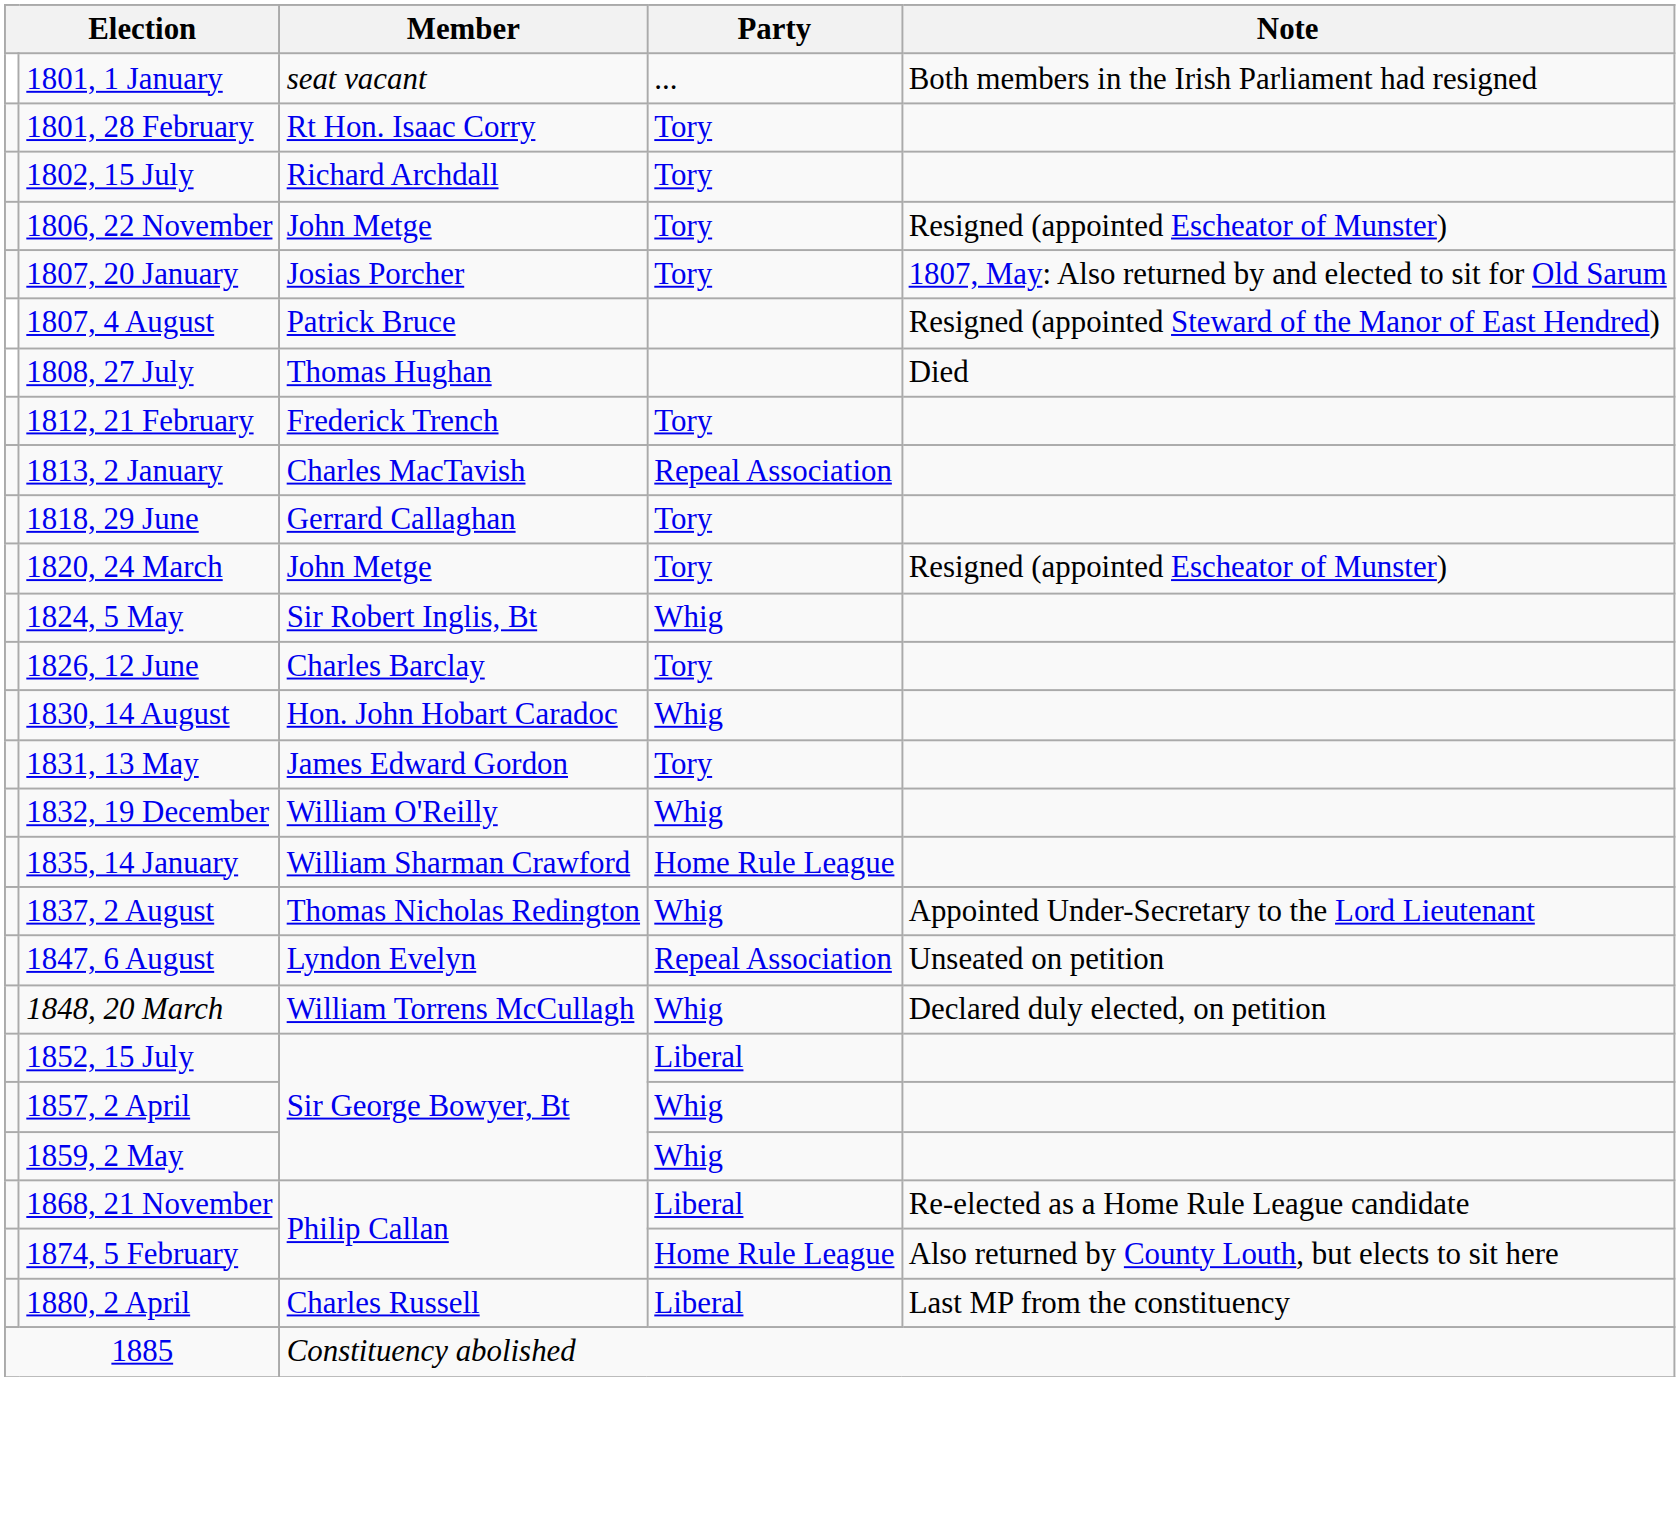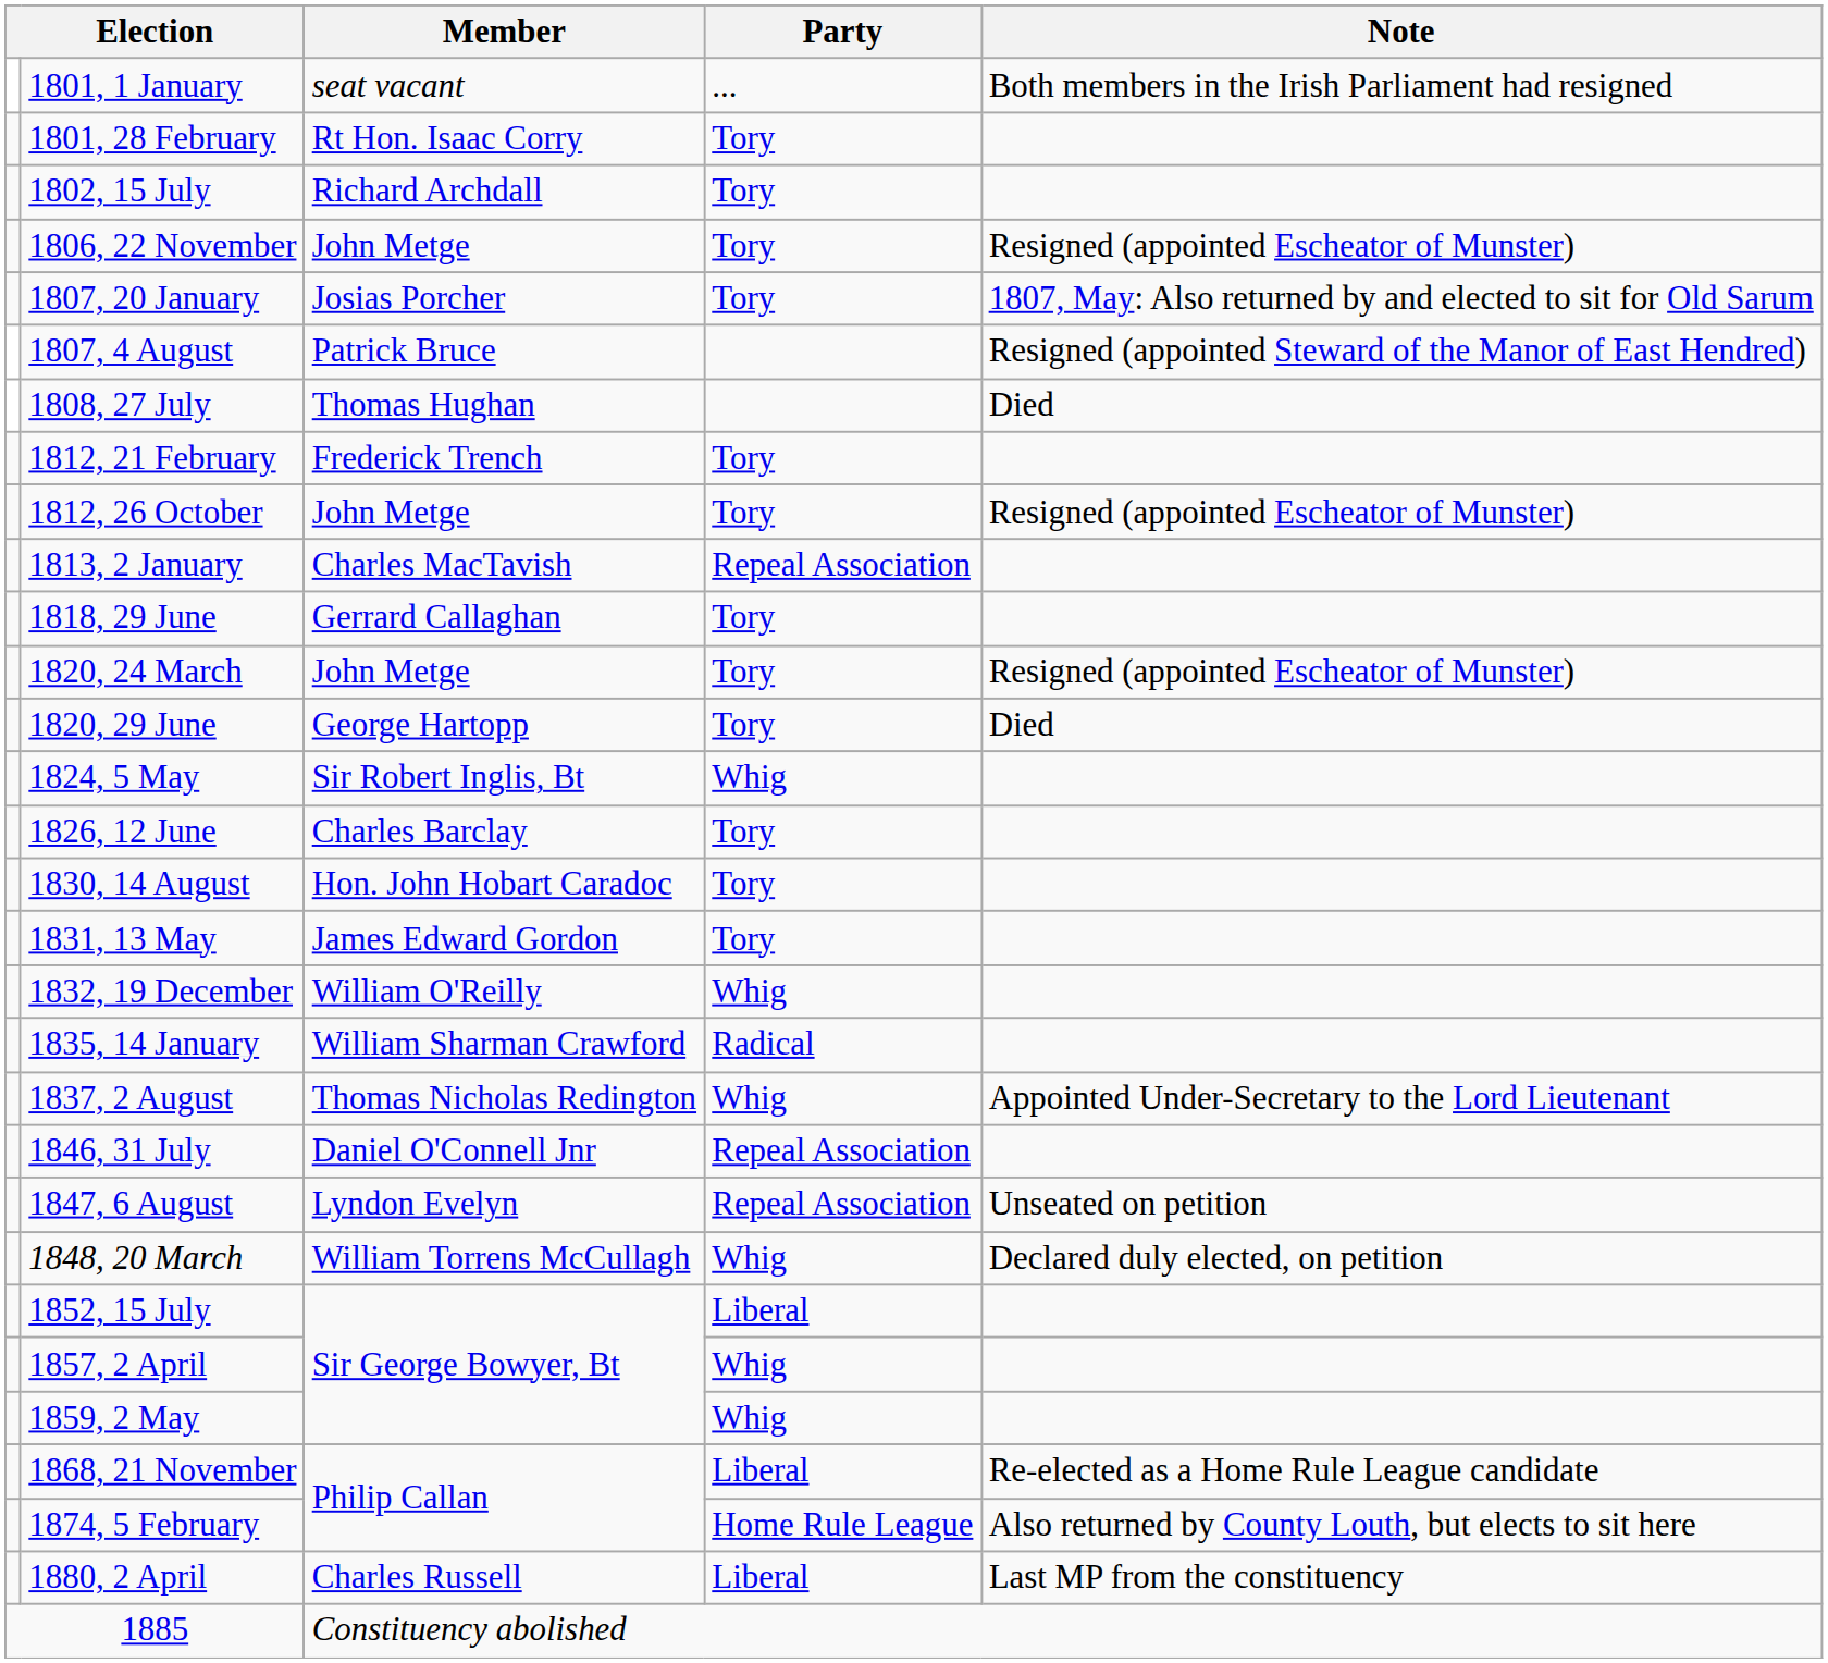 <table class="wikitable">
 <tr>
 <th colspan="2">Election</th>
 <th>Member</th>
 <th>Party</th>
 <th>Note</th>
 </tr>
 <tr>
 <td style="color:inherit;background-color: white"></td>
 <td><a href='#'>1801, 1 January</a></td>
 <td><em>seat vacant</em></td>
 <td>...</td>
 <td>Both members in the Irish Parliament had resigned</td>
 </tr>
 <tr>
 <td style="color:inherit;background-color: "></td>
 <td><a href='#'>1801, 28 February</a></td>
 <td><a href='#'>Rt Hon. Isaac Corry</a></td>
 <td><a href='#'>Tory</a></td>
 <td></td>
 </tr>
 <tr>
 <td style="color:inherit;background-color: "></td>
 <td><a href='#'>1802, 15 July</a></td>
 <td><a href='#'>Richard Archdall</a></td>
 <td><a href='#'>Tory</a></td>
 <td></td>
 </tr>
 <tr>
 <td style="color:inherit;background-color: "></td>
 <td><a href='#'>1806, 22 November</a></td>
 <td><a href='#'>John Metge</a></td>
 <td><a href='#'>Tory</a></td>
 <td>Resigned (appointed <a href='#'>Escheator of Munster</a>)</td>
 </tr>
 <tr>
 <td style="color:inherit;background-color: "></td>
 <td><a href='#'>1807, 20 January</a></td>
 <td><a href='#'>Josias Porcher</a></td>
 <td><a href='#'>Tory</a></td>
 <td><a href='#'>1807, May</a>: Also returned by and elected to sit for <a href='#'>Old Sarum</a></td>
 </tr>
 <tr>
 <td style="color:inherit;background-color: white"></td>
 <td><a href='#'>1807, 4 August</a></td>
 <td><a href='#'>Patrick Bruce</a></td>
 <td></td>
 <td>Resigned (appointed <a href='#'>Steward of the Manor of East Hendred</a>)</td>
 </tr>
 <tr>
 <td style="color:inherit;background-color: white"></td>
 <td><a href='#'>1808, 27 July</a></td>
 <td><a href='#'>Thomas Hughan</a></td>
 <td></td>
 <td>Died</td>
 </tr>
 <tr>
 <td style="color:inherit;background-color: "></td>
 <td><a href='#'>1812, 21 February</a></td>
 <td><a href='#'>Frederick Trench</a></td>
 <td><a href='#'>Tory</a></td>
 <td></td>
 </tr>
 <tr>
 <td style="color:inherit;background-color: "></td>
+<td><a href='#'>1812, 26 October</a></td>
+<td><a href='#'>John Metge</a></td>
+<td><a href='#'>Tory</a></td>
+<td>Resigned (appointed <a href='#'>Escheator of Munster</a>)</td>
+</tr>
+<tr>
+<td style="color:inherit;background-color: "></td>
 <td><a href='#'>1813, 2 January</a></td>
 <td><a href='#'>Charles MacTavish</a></td>
 <td><a href='#'>Repeal Association</a></td>
 <td></td>
 </tr>
 <tr>
 <td style="color:inherit;background-color: "></td>
 <td><a href='#'>1818, 29 June</a></td>
 <td><a href='#'>Gerrard Callaghan</a></td>
 <td><a href='#'>Tory</a></td>
 <td></td>
 </tr>
 <tr>
 <td style="color:inherit;background-color: "></td>
 <td><a href='#'>1820, 24 March</a></td>
 <td><a href='#'>John Metge</a></td>
 <td><a href='#'>Tory</a></td>
 <td>Resigned (appointed <a href='#'>Escheator of Munster</a>)</td>
 </tr>
 <tr>
 <td style="color:inherit;background-color: "></td>
+<td><a href='#'>1820, 29 June</a></td>
+<td><a href='#'>George Hartopp</a></td>
+<td><a href='#'>Tory</a></td>
+<td>Died</td>
+</tr>
+<tr>
+<td style="color:inherit;background-color: "></td>
 <td><a href='#'>1824, 5 May</a></td>
 <td><a href='#'>Sir Robert Inglis, Bt</a></td>
 <td><a href='#'>Whig</a></td>
 <td></td>
 </tr>
 <tr>
 <td style="color:inherit;background-color: "></td>
 <td><a href='#'>1826, 12 June</a></td>
 <td><a href='#'>Charles Barclay</a></td>
 <td><a href='#'>Tory</a></td>
 <td></td>
 </tr>
 <tr>
 <td style="color:inherit;background-color: "></td>
 <td><a href='#'>1830, 14 August</a></td>
 <td><a href='#'>Hon. John Hobart Caradoc</a></td>
-<td><a href='#'>Whig</a></td>
+<td><a href='#'>Tory</a></td>
 <td></td>
 </tr>
 <tr>
 <td style="color:inherit;background-color: "></td>
 <td><a href='#'>1831, 13 May</a></td>
 <td><a href='#'>James Edward Gordon</a></td>
 <td><a href='#'>Tory</a></td>
 <td></td>
 </tr>
 <tr>
 <td style="color:inherit;background-color: "></td>
 <td><a href='#'>1832, 19 December</a></td>
 <td><a href='#'>William O'Reilly</a></td>
 <td><a href='#'>Whig</a></td>
 <td></td>
 </tr>
 <tr>
 <td style="color:inherit;background-color: "></td>
 <td><a href='#'>1835, 14 January</a></td>
 <td><a href='#'>William Sharman Crawford</a></td>
-<td><a href='#'>Home Rule League</a></td>
+<td><a href='#'>Radical</a></td>
 <td></td>
 </tr>
 <tr>
 <td style="color:inherit;background-color: "></td>
 <td><a href='#'>1837, 2 August</a></td>
 <td><a href='#'>Thomas Nicholas Redington</a></td>
 <td><a href='#'>Whig</a></td>
 <td>Appointed Under-Secretary to the <a href='#'>Lord Lieutenant</a></td>
+</tr>
+<tr>
+<td style="color:inherit;background-color: "></td>
+<td><a href='#'>1846, 31 July</a></td>
+<td><a href='#'>Daniel O'Connell Jnr</a></td>
+<td><a href='#'>Repeal Association</a></td>
+<td></td>
 </tr>
 <tr>
 <td style="color:inherit;background-color: "></td>
 <td><a href='#'>1847, 6 August</a></td>
 <td><a href='#'>Lyndon Evelyn</a></td>
 <td><a href='#'>Repeal Association</a></td>
 <td>Unseated on petition</td>
 </tr>
 <tr>
 <td style="color:inherit;background-color: "></td>
 <td><em>1848, 20 March</em></td>
 <td><a href='#'>William Torrens McCullagh</a></td>
 <td><a href='#'>Whig</a></td>
 <td>Declared duly elected, on petition</td>
 </tr>
 <tr>
 <td style="color:inherit;background-color: "></td>
 <td><a href='#'>1852, 15 July</a></td>
 <td rowspan="3"><a href='#'>Sir George Bowyer, Bt</a></td>
 <td><a href='#'>Liberal</a></td>
 <td></td>
 </tr>
 <tr>
 <td style="color:inherit;background-color: "></td>
 <td><a href='#'>1857, 2 April</a></td>
 <td><a href='#'>Whig</a></td>
 <td></td>
 </tr>
 <tr>
 <td style="color:inherit;background-color: "></td>
 <td><a href='#'>1859, 2 May</a></td>
 <td><a href='#'>Whig</a></td>
 <td></td>
 </tr>
 <tr>
 <td style="color:inherit;background-color: "></td>
 <td><a href='#'>1868, 21 November</a></td>
 <td rowspan="2"><a href='#'>Philip Callan</a></td>
 <td><a href='#'>Liberal</a></td>
 <td>Re-elected as a Home Rule League candidate</td>
 </tr>
 <tr>
 <td style="color:inherit;background-color: "></td>
 <td><a href='#'>1874, 5 February</a></td>
 <td><a href='#'>Home Rule League</a></td>
 <td>Also returned by <a href='#'>County Louth</a>, but elects to sit here</td>
 </tr>
 <tr>
 <td style="color:inherit;background-color: "></td>
 <td><a href='#'>1880, 2 April</a></td>
 <td><a href='#'>Charles Russell</a></td>
 <td><a href='#'>Liberal</a></td>
 <td>Last MP from the constituency</td>
 </tr>
 <tr>
 <td colspan="2" align="center"><a href='#'>1885</a></td>
 <td colspan="3"><em>Constituency abolished</em></td>
 </tr>
 </table>
